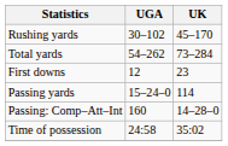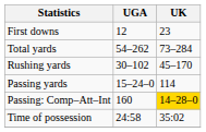 <table class="wikitable" style="float: left;">
 <tr>
 <th>Statistics</th>
 <th>UGA</th>
 <th>UK</th>
 </tr>
 <tr>
-<td>Rushing yards</td>
-<td>30–102</td>
-<td>45–170</td>
+<td>First downs</td>
+<td>12</td>
+<td>23</td>
 </tr>
 <tr>
 <td>Total yards</td>
 <td>54–262</td>
 <td>73–284</td>
 </tr>
 <tr>
-<td>First downs</td>
-<td>12</td>
-<td>23</td>
+<td>Rushing yards</td>
+<td>30–102</td>
+<td>45–170</td>
 </tr>
 <tr>
 <td>Passing yards</td>
 <td>15–24–0</td>
 <td>114</td>
 </tr>
 <tr>
 <td>Passing: Comp–Att–Int</td>
 <td>160</td>
-<td>14–28–0</td>
+<td style="background: gold;">14–28–0</td>
 </tr>
 <tr>
 <td>Time of possession</td>
 <td>24:58</td>
 <td>35:02</td>
 </tr>
 <tr>
 </tr>
 </table>
